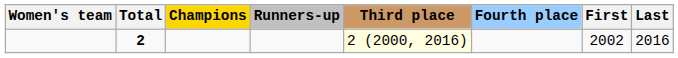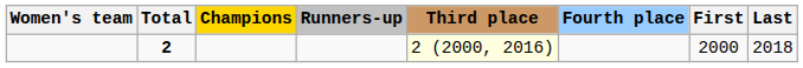 <table class="wikitable" style="text-align: center; font-size: 90%; margin-left: 1em;">
 <tr>
 <th>Women's team</th>
 <th>Total</th>
 <th style="background-color: gold;">Champions</th>
 <th style="background-color: silver;">Runners-up</th>
 <th style="background-color: #cc9966;">Third place</th>
 <th style="background-color: #9acdff;">Fourth place</th>
 <th>First</th>
 <th>Last</th>
 </tr>
 <tr>
 <td style="text-align: left;"></td>
 <td><strong>2</strong></td>
 <td></td>
 <td></td>
 <td style="background: lightyellow;">2 (2000, 2016)</td>
 <td></td>
-<td>2002</td>
-<td>2016</td>
+<td>2000</td>
+<td>2018</td>
 </tr>
 </table>
